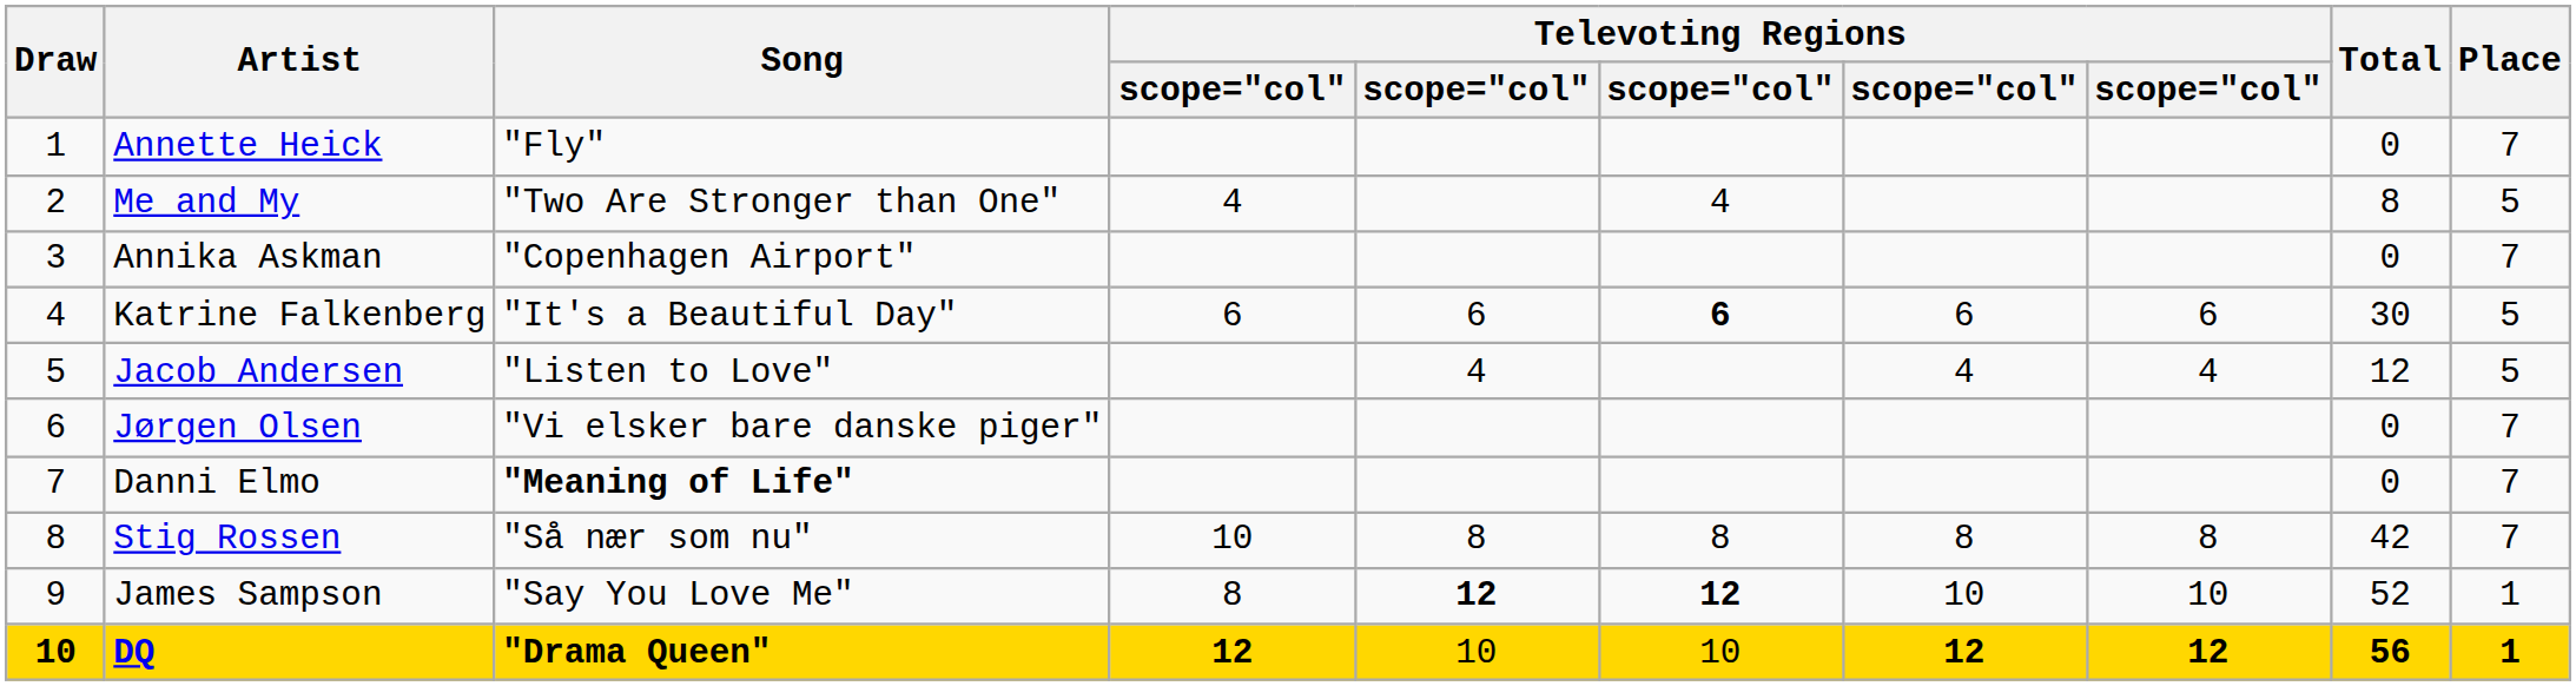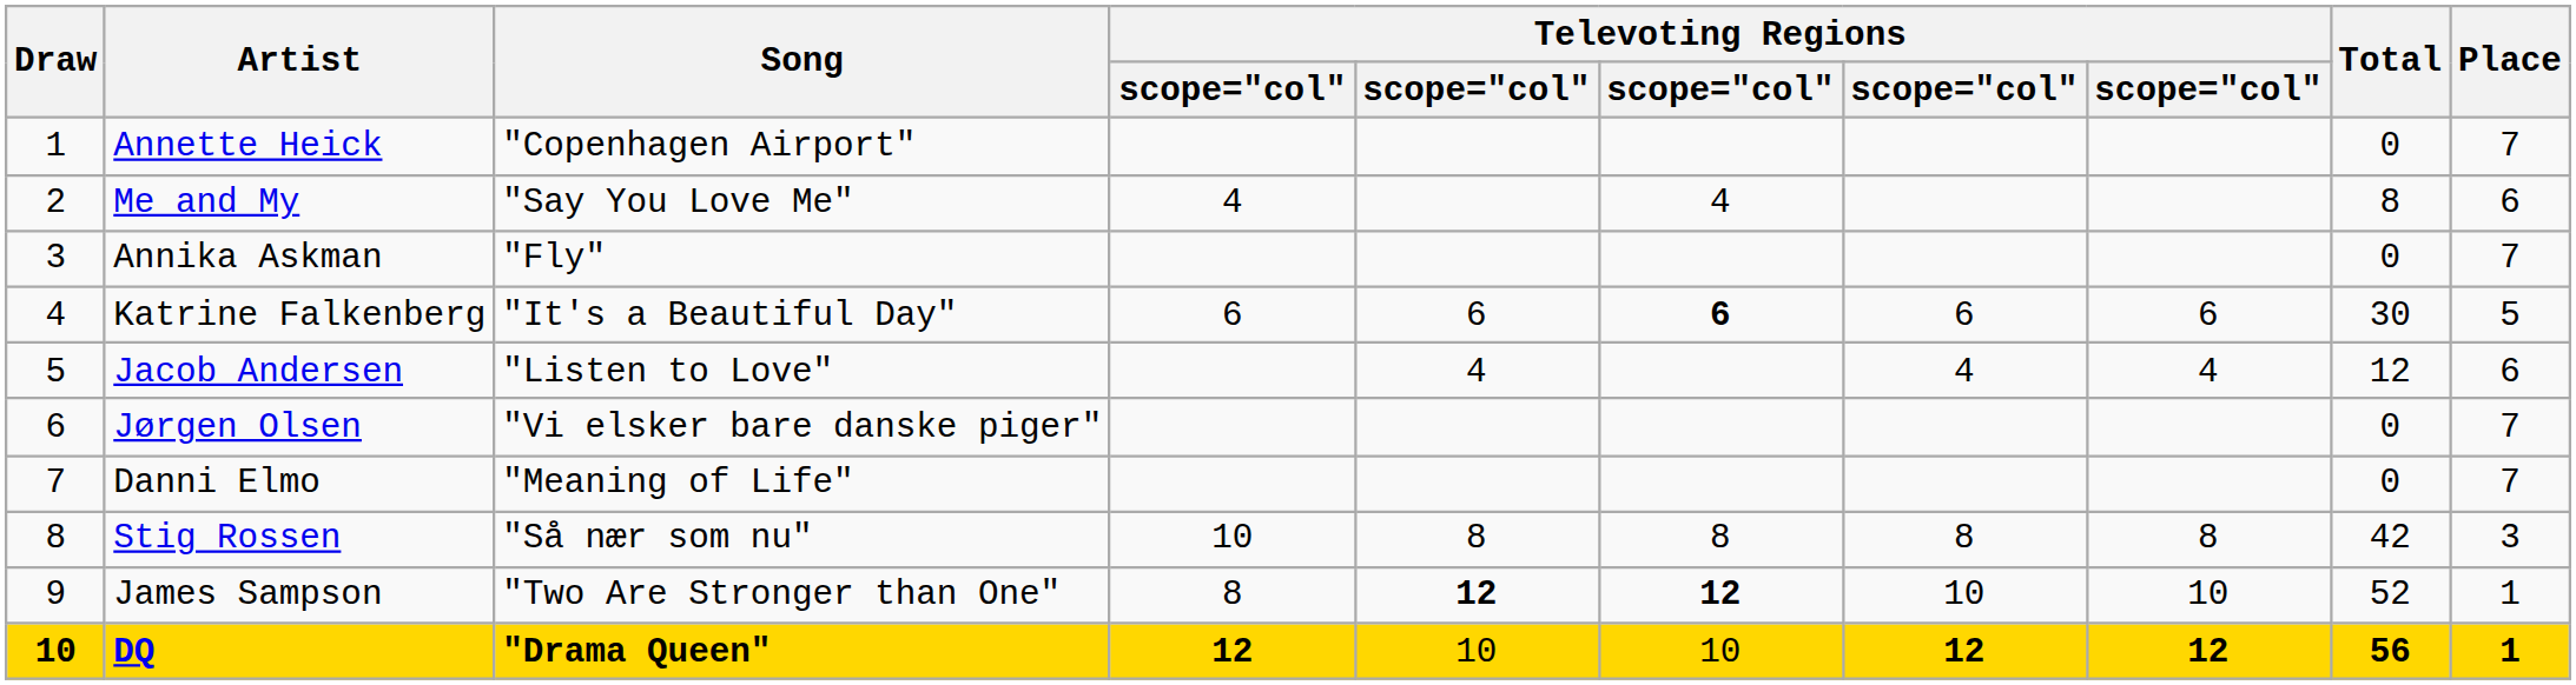 <table class="sortable wikitable" style="margin: 1em auto 1em auto; text-align:center">
 <tr>
 <th rowspan="2">Draw</th>
 <th rowspan="2">Artist</th>
 <th rowspan="2">Song</th>
 <th colspan="5">Televoting Regions</th>
 <th rowspan="2">Total</th>
 <th rowspan="2">Place</th>
 </tr>
 <tr>
 <th>scope="col" </th>
 <th>scope="col" </th>
 <th>scope="col" </th>
 <th>scope="col" </th>
 <th>scope="col" </th>
 </tr>
 <tr>
 <td>1</td>
 <td align="left"><a href='#'>Annette Heick</a></td>
-<td align="left">"Fly"</td>
+<td align="left">"Copenhagen Airport"</td>
 <td></td>
 <td></td>
 <td></td>
 <td></td>
 <td></td>
 <td>0</td>
 <td>7</td>
 </tr>
 <tr>
 <td>2</td>
 <td align="left"><a href='#'>Me and My</a></td>
-<td align="left">"Two Are Stronger than One"</td>
+<td align="left">"Say You Love Me"</td>
 <td>4</td>
 <td></td>
 <td>4</td>
 <td></td>
 <td></td>
 <td>8</td>
-<td>5</td>
+<td>6</td>
 </tr>
 <tr>
 <td>3</td>
 <td align="left">Annika Askman</td>
-<td align="left">"Copenhagen Airport"</td>
+<td align="left">"Fly"</td>
 <td></td>
 <td></td>
 <td></td>
 <td></td>
 <td></td>
 <td>0</td>
 <td>7</td>
 </tr>
 <tr>
 <td>4</td>
 <td align="left">Katrine Falkenberg</td>
 <td align="left">"It's a Beautiful Day"</td>
 <td>6</td>
 <td>6</td>
 <td><strong>6</strong></td>
 <td>6</td>
 <td>6</td>
 <td>30</td>
 <td>5</td>
 </tr>
 <tr>
 <td>5</td>
 <td align="left"><a href='#'>Jacob Andersen</a></td>
 <td align="left">"Listen to Love"</td>
 <td></td>
 <td>4</td>
 <td></td>
 <td>4</td>
 <td>4</td>
 <td>12</td>
-<td>5</td>
+<td>6</td>
 </tr>
 <tr>
 <td>6</td>
 <td align="left"><a href='#'>Jørgen Olsen</a></td>
 <td align="left">"Vi elsker bare danske piger"</td>
 <td></td>
 <td></td>
 <td></td>
 <td></td>
 <td></td>
 <td>0</td>
 <td>7</td>
 </tr>
 <tr>
 <td>7</td>
 <td align="left">Danni Elmo</td>
-<td align="left"><strong>"Meaning of Life"</strong></td>
+<td align="left">"Meaning of Life"</td>
 <td></td>
 <td></td>
 <td></td>
 <td></td>
 <td></td>
 <td>0</td>
 <td>7</td>
 </tr>
 <tr>
 <td>8</td>
 <td align="left"><a href='#'>Stig Rossen</a></td>
 <td align="left">"Så nær som nu"</td>
 <td>10</td>
 <td>8</td>
 <td>8</td>
 <td>8</td>
 <td>8</td>
 <td>42</td>
-<td>7</td>
+<td>3</td>
 </tr>
 <tr>
 <td>9</td>
 <td align="left">James Sampson</td>
-<td align="left">"Say You Love Me"</td>
+<td align="left">"Two Are Stronger than One"</td>
 <td>8</td>
 <td><strong>12</strong></td>
 <td><strong>12</strong></td>
 <td>10</td>
 <td>10</td>
 <td>52</td>
 <td>1</td>
 </tr>
 <tr style="background:gold;">
 <td><strong>10</strong></td>
 <td align="left"><a href='#'><strong>DQ</strong></a></td>
 <td align="left"><strong>"Drama Queen"</strong></td>
 <td><strong>12</strong></td>
 <td>10</td>
 <td>10</td>
 <td><strong>12</strong></td>
 <td><strong>12</strong></td>
 <td><strong>56</strong></td>
 <td><strong>1</strong></td>
 </tr>
 </table>
